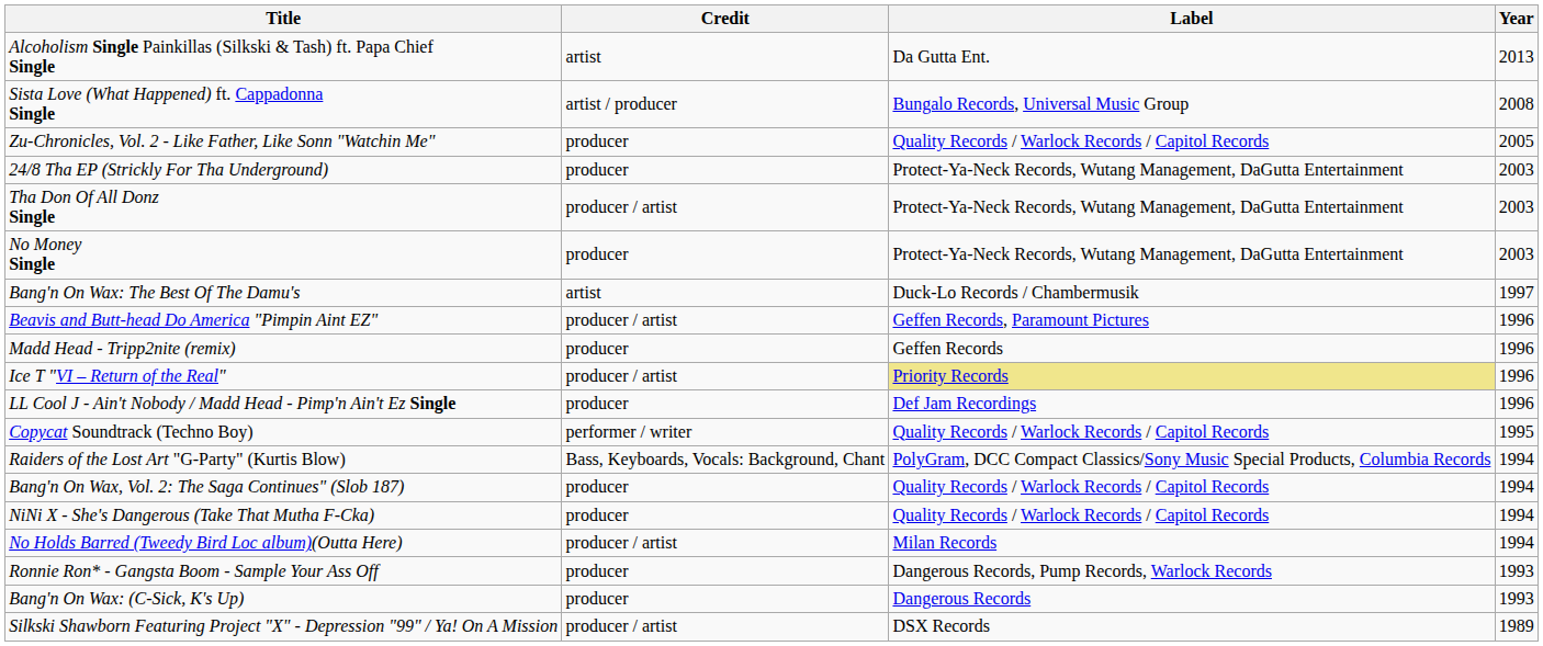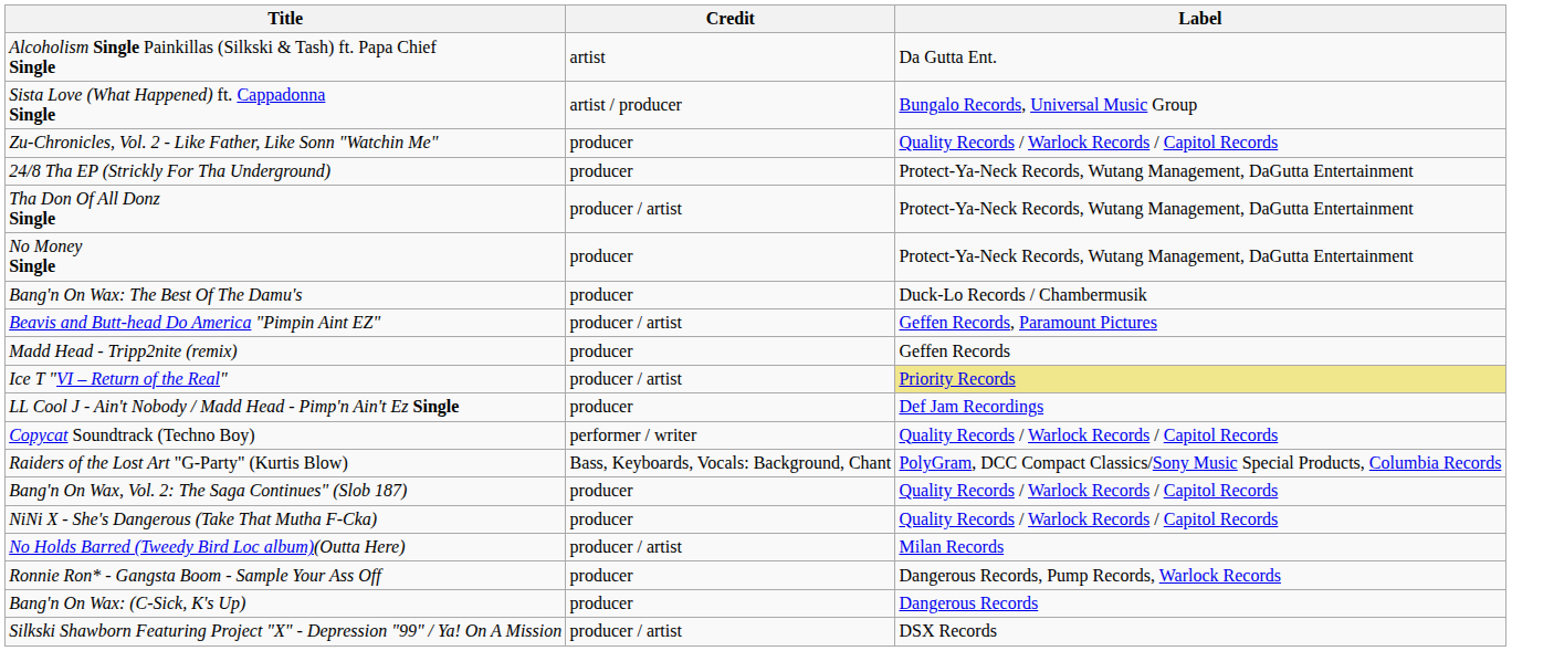 <table class="wikitable">
 <tr>
 <th>Title</th>
 <th>Credit</th>
 <th>Label</th>
-<th>Year</th>
 </tr>
 <tr>
 <td><em>Alcoholism</em> <strong>Single</strong> Painkillas (Silkski & Tash) ft. Papa Chief<br><strong>Single</strong></td>
 <td>artist</td>
 <td>Da Gutta Ent.</td>
-<td>2013</td>
 </tr>
 <tr>
 <td><em>Sista Love (What Happened)</em> ft. <a href='#'>Cappadonna</a><br><strong>Single</strong></td>
 <td>artist / producer</td>
 <td><a href='#'>Bungalo Records</a>, <a href='#'>Universal Music</a> Group</td>
-<td>2008</td>
 </tr>
 <tr>
 <td><em>Zu-Chronicles, Vol. 2 - Like Father, Like Sonn "Watchin Me"</em></td>
 <td>producer</td>
 <td><a href='#'>Quality Records</a> / <a href='#'>Warlock Records</a> / <a href='#'>Capitol Records</a></td>
-<td>2005</td>
 </tr>
 <tr>
 <td><em>24/8 Tha EP (Strickly For Tha Underground)</em></td>
 <td>producer</td>
 <td>Protect-Ya-Neck Records, Wutang Management, DaGutta Entertainment</td>
-<td>2003</td>
 </tr>
 <tr>
 <td><em>Tha Don Of All Donz</em><br><strong>Single</strong></td>
 <td>producer / artist</td>
 <td>Protect-Ya-Neck Records, Wutang Management, DaGutta Entertainment</td>
-<td>2003</td>
 </tr>
 <tr>
 <td><em>No Money</em><br><strong>Single</strong> </td>
 <td>producer</td>
 <td>Protect-Ya-Neck Records, Wutang Management, DaGutta Entertainment</td>
-<td>2003</td>
 </tr>
 <tr>
 <td><em>Bang'n On Wax: The Best Of The Damu's</em></td>
-<td>artist</td>
+<td>producer</td>
 <td>Duck-Lo Records / Chambermusik</td>
-<td>1997</td>
 </tr>
 <tr>
 <td><em><a href='#'>Beavis and Butt-head Do America</a> "Pimpin Aint EZ"</em></td>
 <td>producer / artist</td>
 <td><a href='#'>Geffen Records</a>, <a href='#'>Paramount Pictures</a></td>
-<td>1996</td>
 </tr>
 <tr>
 <td><em>Madd Head - Tripp2nite (remix)</em></td>
 <td>producer</td>
 <td>Geffen Records</td>
-<td>1996</td>
 </tr>
 <tr>
 <td><em>Ice T "<a href='#'>VI – Return of the Real</a>"</em></td>
 <td>producer / artist</td>
 <td style="background: khaki;"><a href='#'>Priority Records</a></td>
-<td>1996</td>
 </tr>
 <tr>
 <td><em>LL Cool J - Ain't Nobody / Madd Head - Pimp'n Ain't Ez</em> <strong>Single</strong></td>
 <td>producer</td>
 <td><a href='#'>Def Jam Recordings</a></td>
-<td>1996</td>
 </tr>
 <tr>
 <td><em><a href='#'>Copycat</a></em> Soundtrack (Techno Boy)</td>
 <td>performer / writer</td>
 <td><a href='#'>Quality Records</a> / <a href='#'>Warlock Records</a> / <a href='#'>Capitol Records</a></td>
-<td>1995</td>
 </tr>
 <tr>
 <td><em>Raiders of the Lost Art</em> "G-Party" (Kurtis Blow)</td>
 <td>Bass, Keyboards, Vocals: Background, Chant</td>
 <td><a href='#'>PolyGram</a>, DCC Compact Classics/<a href='#'>Sony Music</a> Special Products, <a href='#'>Columbia Records</a></td>
-<td>1994</td>
 </tr>
 <tr>
 <td><em>Bang'n On Wax, Vol. 2: The Saga Continues" (Slob 187)</em></td>
 <td>producer</td>
 <td><a href='#'>Quality Records</a> / <a href='#'>Warlock Records</a> / <a href='#'>Capitol Records</a></td>
-<td>1994</td>
 </tr>
 <tr>
 <td><em>NiNi X - She's Dangerous (Take That Mutha F-Cka)</em></td>
 <td>producer</td>
 <td><a href='#'>Quality Records</a> / <a href='#'>Warlock Records</a> / <a href='#'>Capitol Records</a></td>
-<td>1994</td>
 </tr>
 <tr>
 <td><em><a href='#'>No Holds Barred (Tweedy Bird Loc album)</a>(Outta Here)</em></td>
 <td>producer / artist</td>
 <td><a href='#'>Milan Records</a></td>
-<td>1994</td>
 </tr>
 <tr>
 <td><em>Ronnie Ron* - Gangsta Boom - Sample Your Ass Off</em></td>
 <td>producer</td>
 <td>Dangerous Records, Pump Records, <a href='#'>Warlock Records</a></td>
-<td>1993</td>
 </tr>
 <tr>
 <td><em>Bang'n On Wax: (C-Sick, K's Up)</em></td>
 <td>producer</td>
 <td><a href='#'>Dangerous Records</a></td>
-<td>1993</td>
 </tr>
 <tr>
 <td><em>Silkski Shawborn Featuring Project "X" - Depression "99" / Ya! On A Mission</em></td>
 <td>producer / artist</td>
 <td>DSX Records</td>
-<td>1989</td>
 </tr>
 </table>
